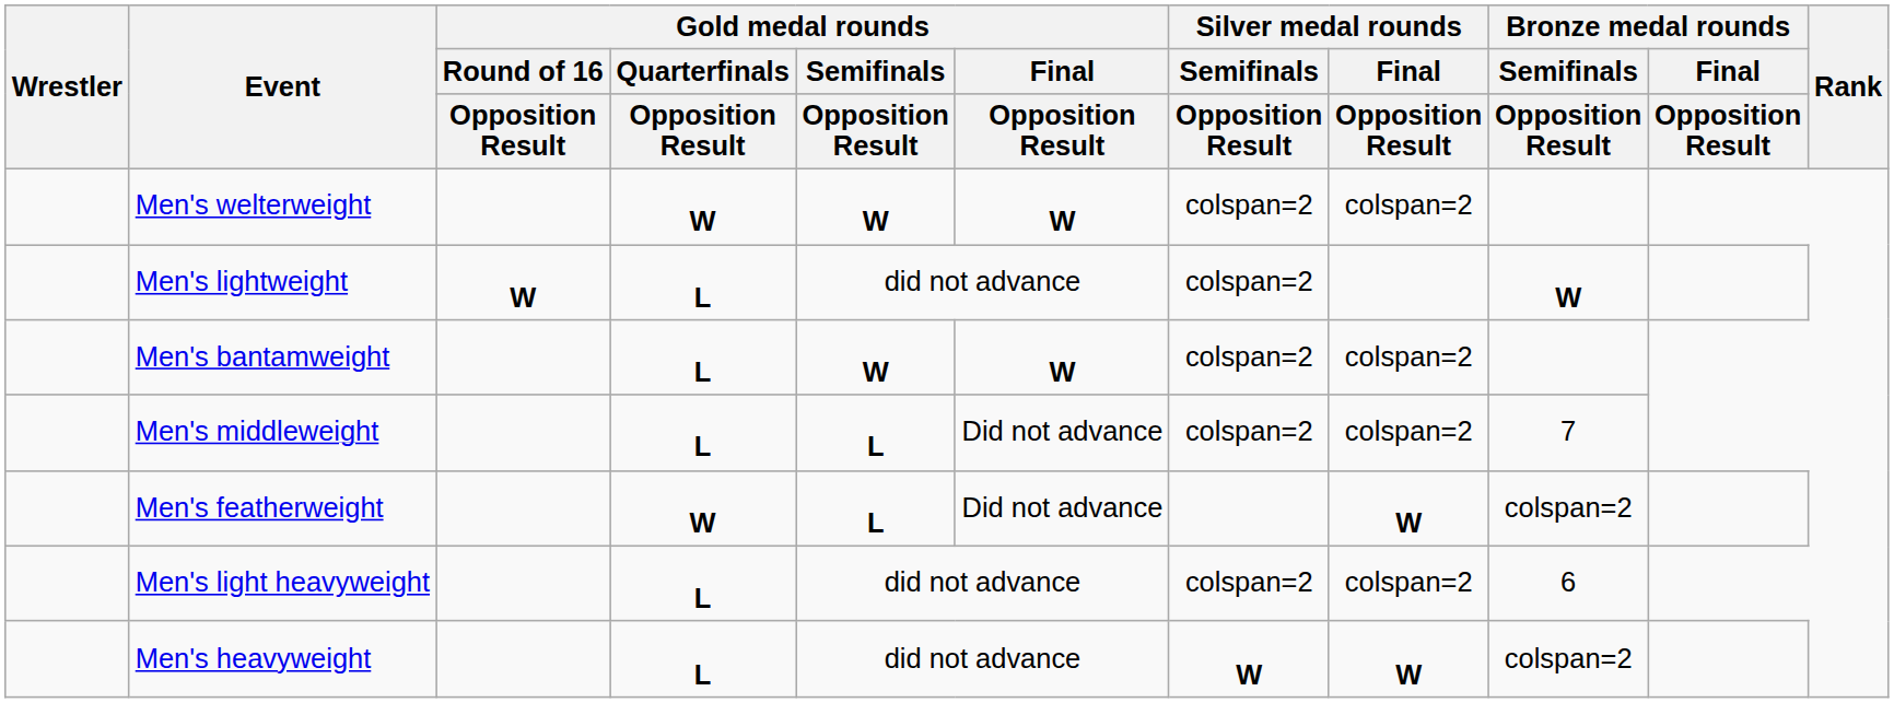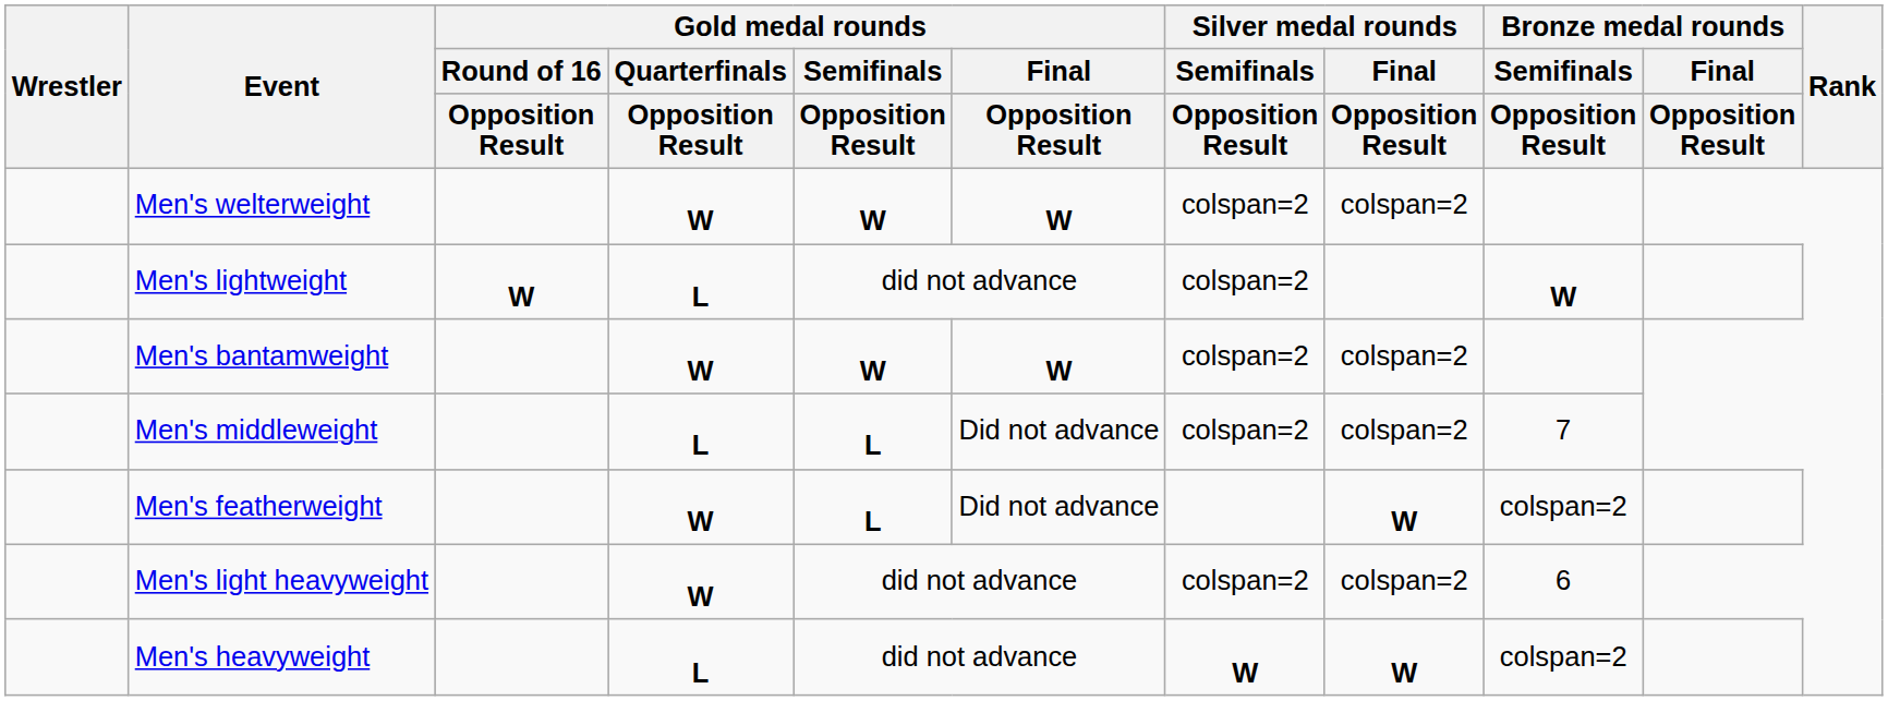 <table class="wikitable sortable" style=text-align:center>
 <tr>
 <th rowspan=3>Wrestler</th>
 <th rowspan=3>Event</th>
 <th colspan=4>Gold medal rounds</th>
 <th colspan=2>Silver medal rounds</th>
 <th colspan=2>Bronze medal rounds</th>
 <th rowspan=3>Rank</th>
 </tr>
 <tr>
 <th>Round of 16</th>
 <th>Quarterfinals</th>
 <th>Semifinals</th>
 <th>Final</th>
 <th>Semifinals</th>
 <th>Final</th>
 <th>Semifinals</th>
 <th>Final</th>
 </tr>
 <tr>
 <th>Opposition<br>Result</th>
 <th>Opposition<br>Result</th>
 <th>Opposition<br>Result</th>
 <th>Opposition<br>Result</th>
 <th>Opposition<br>Result</th>
 <th>Opposition<br>Result</th>
 <th>Opposition<br>Result</th>
 <th>Opposition<br>Result</th>
 </tr>
 <tr>
 <td align=left><strong></strong></td>
 <td align=left><a href='#'>Men's welterweight</a></td>
 <td></td>
 <td><br><strong>W</strong></td>
 <td><br><strong>W</strong></td>
 <td><br><strong>W</strong></td>
 <td>colspan=2 </td>
 <td>colspan=2 </td>
 <td></td>
 </tr>
 <tr>
 <td align=left><strong></strong></td>
 <td align=left><a href='#'>Men's lightweight</a></td>
 <td><br><strong>W</strong></td>
 <td><br><strong>L</strong></td>
 <td colspan=2>did not advance</td>
 <td>colspan=2 </td>
 <td></td>
 <td><br><strong>W</strong></td>
 <td></td>
 </tr>
 <tr>
 <td align=left><strong></strong></td>
 <td align=left><a href='#'>Men's bantamweight</a></td>
 <td></td>
-<td><br><strong>L</strong></td>
+<td><br><strong>W</strong></td>
 <td><br><strong>W</strong></td>
 <td><br><strong>W</strong></td>
 <td>colspan=2 </td>
 <td>colspan=2 </td>
 <td></td>
 </tr>
 <tr>
 <td align=left></td>
 <td align=left><a href='#'>Men's middleweight</a></td>
 <td></td>
 <td><br><strong>L</strong></td>
 <td><br><strong>L</strong></td>
 <td>Did not advance</td>
 <td>colspan=2 </td>
 <td>colspan=2 </td>
 <td>7</td>
 </tr>
 <tr>
 <td align=left><strong></strong></td>
 <td align=left><a href='#'>Men's featherweight</a></td>
 <td></td>
 <td><br><strong>W</strong></td>
 <td><br><strong>L</strong></td>
 <td>Did not advance</td>
 <td></td>
 <td><br><strong>W</strong></td>
 <td>colspan=2 </td>
 <td></td>
 </tr>
 <tr>
 <td align=left></td>
 <td align=left><a href='#'>Men's light heavyweight</a></td>
 <td></td>
-<td><br><strong>L</strong></td>
+<td><br><strong>W</strong></td>
 <td colspan=2>did not advance</td>
 <td>colspan=2 </td>
 <td>colspan=2 </td>
 <td>6</td>
 </tr>
 <tr>
 <td align=left><strong></strong></td>
 <td align=left><a href='#'>Men's heavyweight</a></td>
 <td></td>
 <td><br><strong>L</strong></td>
 <td colspan=2>did not advance</td>
 <td><br><strong>W</strong></td>
 <td><br><strong>W</strong></td>
 <td>colspan=2 </td>
 <td></td>
 </tr>
 </table>
